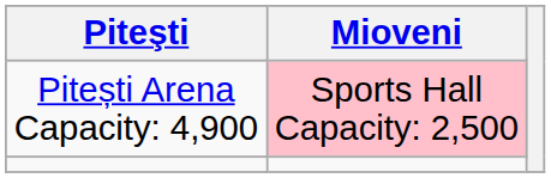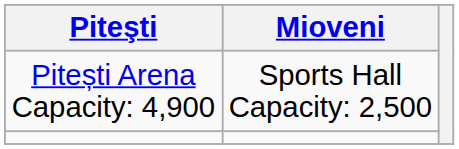 <table class="wikitable" style="text-align:center;">
 <tr>
 <th><a href='#'>Piteşti</a></th>
 <th><a href='#'>Mioveni</a></th>
 <th rowspan=3></th>
 </tr>
 <tr>
 <td><a href='#'>Pitești Arena</a><br>Capacity: 4,900</td>
-<td style="background: pink;">Sports Hall<br>Capacity: 2,500</td>
+<td>Sports Hall<br>Capacity: 2,500</td>
 </tr>
 <tr>
 <td></td>
 <td></td>
 </tr>
 </table>
